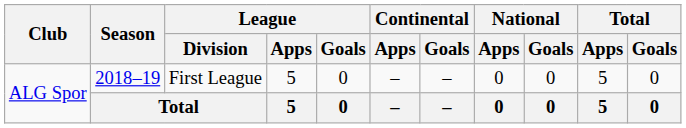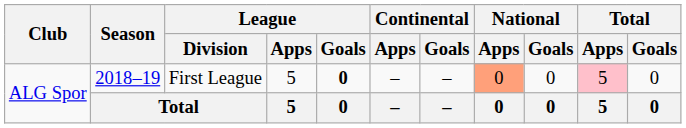 <table class="wikitable" style="text-align: center;">
 <tr>
 <th rowspan=2>Club</th>
 <th rowspan=2>Season</th>
 <th colspan=3>League</th>
 <th colspan=2>Continental</th>
 <th colspan=2>National</th>
 <th colspan=2>Total</th>
 </tr>
 <tr>
 <th>Division</th>
 <th>Apps</th>
 <th>Goals</th>
 <th>Apps</th>
 <th>Goals</th>
 <th>Apps</th>
 <th>Goals</th>
 <th>Apps</th>
 <th>Goals</th>
 </tr>
 <tr>
 <td rowspan=2><a href='#'>ALG Spor</a></td>
 <td><a href='#'>2018–19</a></td>
 <td>First League</td>
 <td>5</td>
-<td>0</td>
+<td><strong>0</strong></td>
 <td>–</td>
 <td>–</td>
+<td style="background: lightsalmon;">0</td>
 <td>0</td>
-<td>0</td>
-<td>5</td>
+<td style="background: pink;">5</td>
 <td>0</td>
 </tr>
 <tr>
 <th colspan=2>Total</th>
 <th>5</th>
 <th>0</th>
 <th>–</th>
 <th>–</th>
 <th>0</th>
 <th>0</th>
 <th>5</th>
 <th>0</th>
 </tr>
 </table>
